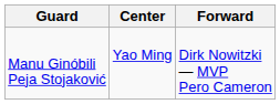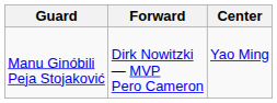 <table class=wikitable style="margin:auto">
 <tr>
 <th>Guard</th>
+<th>Forward</th>
 <th>Center</th>
-<th>Forward</th>
 </tr>
 <tr>
 <td><br> <a href='#'>Manu Ginóbili</a> <br>  <a href='#'>Peja Stojaković</a> <br></td>
+<td><br> <a href='#'>Dirk Nowitzki</a> <br> — <a href='#'>MVP</a><br> <a href='#'>Pero Cameron</a></td>
 <td valign=top><br> <a href='#'>Yao Ming</a> <br></td>
-<td><br> <a href='#'>Dirk Nowitzki</a> <br> — <a href='#'>MVP</a><br> <a href='#'>Pero Cameron</a></td>
 </tr>
 </table>
